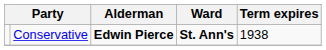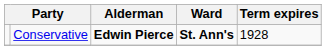 <table class="wikitable">
 <tr>
 <th colspan="2">Party</th>
 <th>Alderman</th>
 <th>Ward</th>
 <th>Term expires</th>
 </tr>
 <tr>
 <td style="background-color:"></td>
 <td><a href='#'>Conservative</a></td>
 <td><strong>Edwin Pierce</strong></td>
 <td><strong>St. Ann's</strong></td>
-<td>1938</td>
+<td>1928</td>
 </tr>
 <tr>
 </tr>
 </table>
